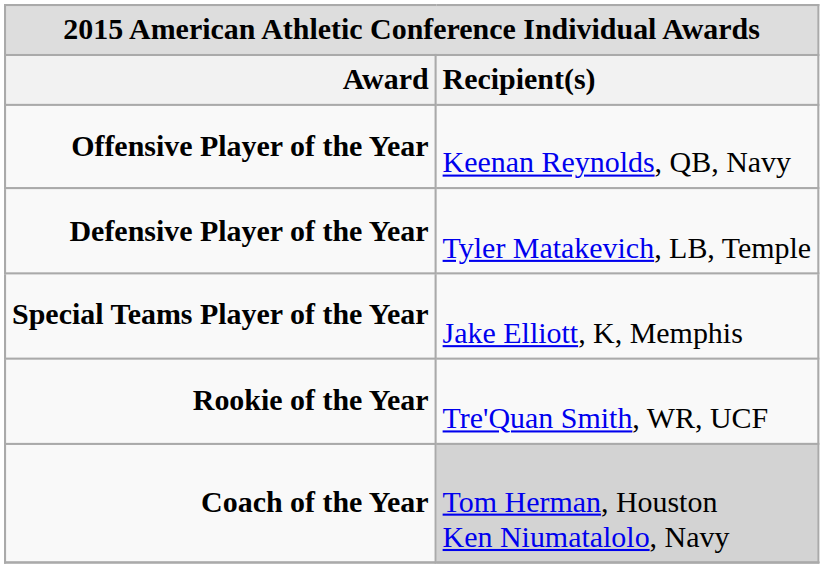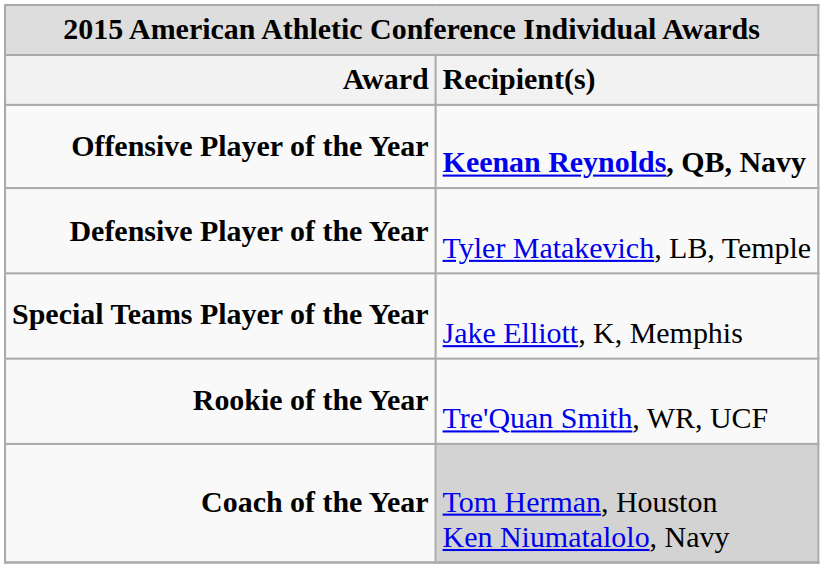 <table class="wikitable" style="white-space:nowrap; font-size:90%;">
 <tr>
 <td colspan="7" style="text-align:center; background:#ddd;"><strong>2015 American Athletic Conference Individual Awards</strong></td>
 </tr>
 <tr>
 <th style="text-align:right;">Award</th>
 <th style="text-align:left;">Recipient(s)</th>
 </tr>
 <tr>
 <td style="text-align:right;"><strong>Offensive Player of the Year</strong></td>
-<td style="text-align:left;"><br><a href='#'>Keenan Reynolds</a>, QB, Navy</td>
+<td style="text-align:left;"><strong><br><a href='#'>Keenan Reynolds</a>, QB, Navy</strong></td>
 </tr>
 <tr>
 <td style="text-align:right;"><strong>Defensive Player of the Year</strong></td>
 <td style="text-align:left;"><br><a href='#'>Tyler Matakevich</a>, LB, Temple</td>
 </tr>
 <tr>
 <td style="text-align:right;"><strong>Special Teams Player of the Year</strong></td>
 <td style="text-align:left;"><br><a href='#'>Jake Elliott</a>, K, Memphis</td>
 </tr>
 <tr>
 <td style="text-align:right;"><strong>Rookie of the Year</strong></td>
 <td style="text-align:left;"><br><a href='#'>Tre'Quan Smith</a>, WR, UCF</td>
 </tr>
 <tr>
 <td style="text-align:right;"><strong>Coach of the Year</strong></td>
 <td style="background: lightgrey; text-align:left;"><br><a href='#'>Tom Herman</a>, Houston<br> <a href='#'>Ken Niumatalolo</a>, Navy</td>
 </tr>
 <tr>
 </tr>
 </table>
